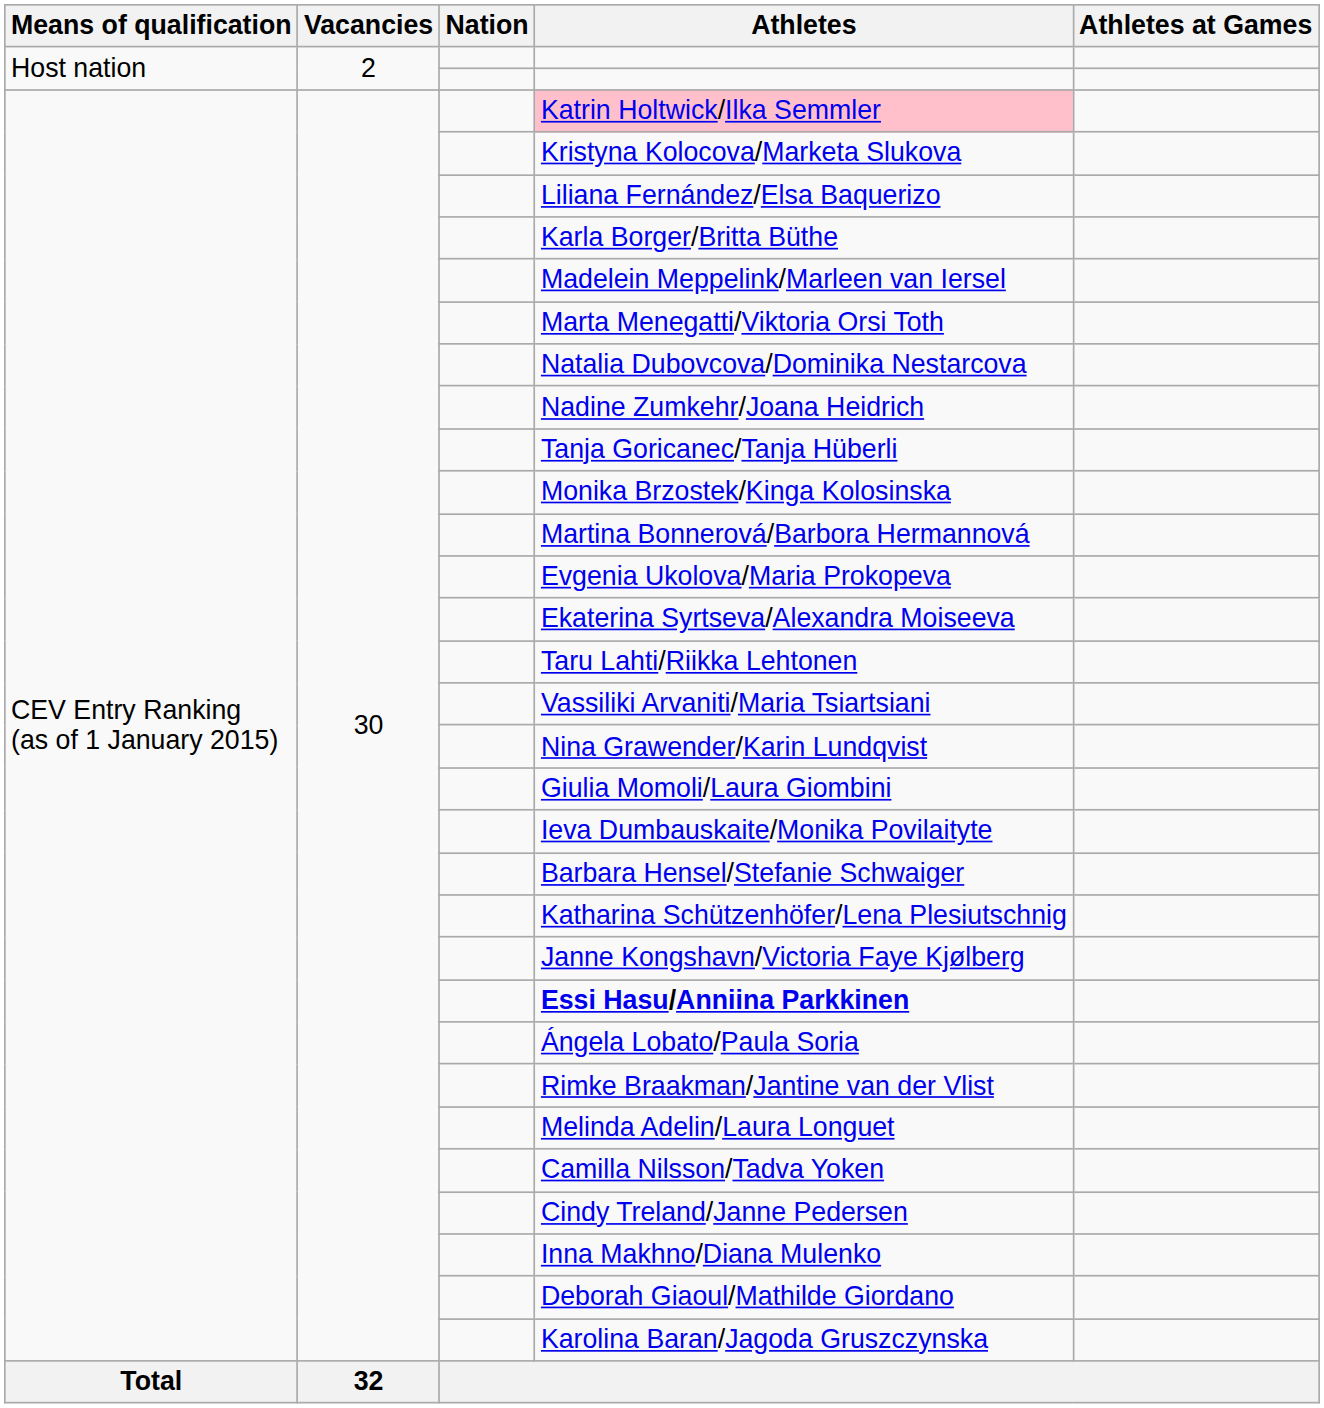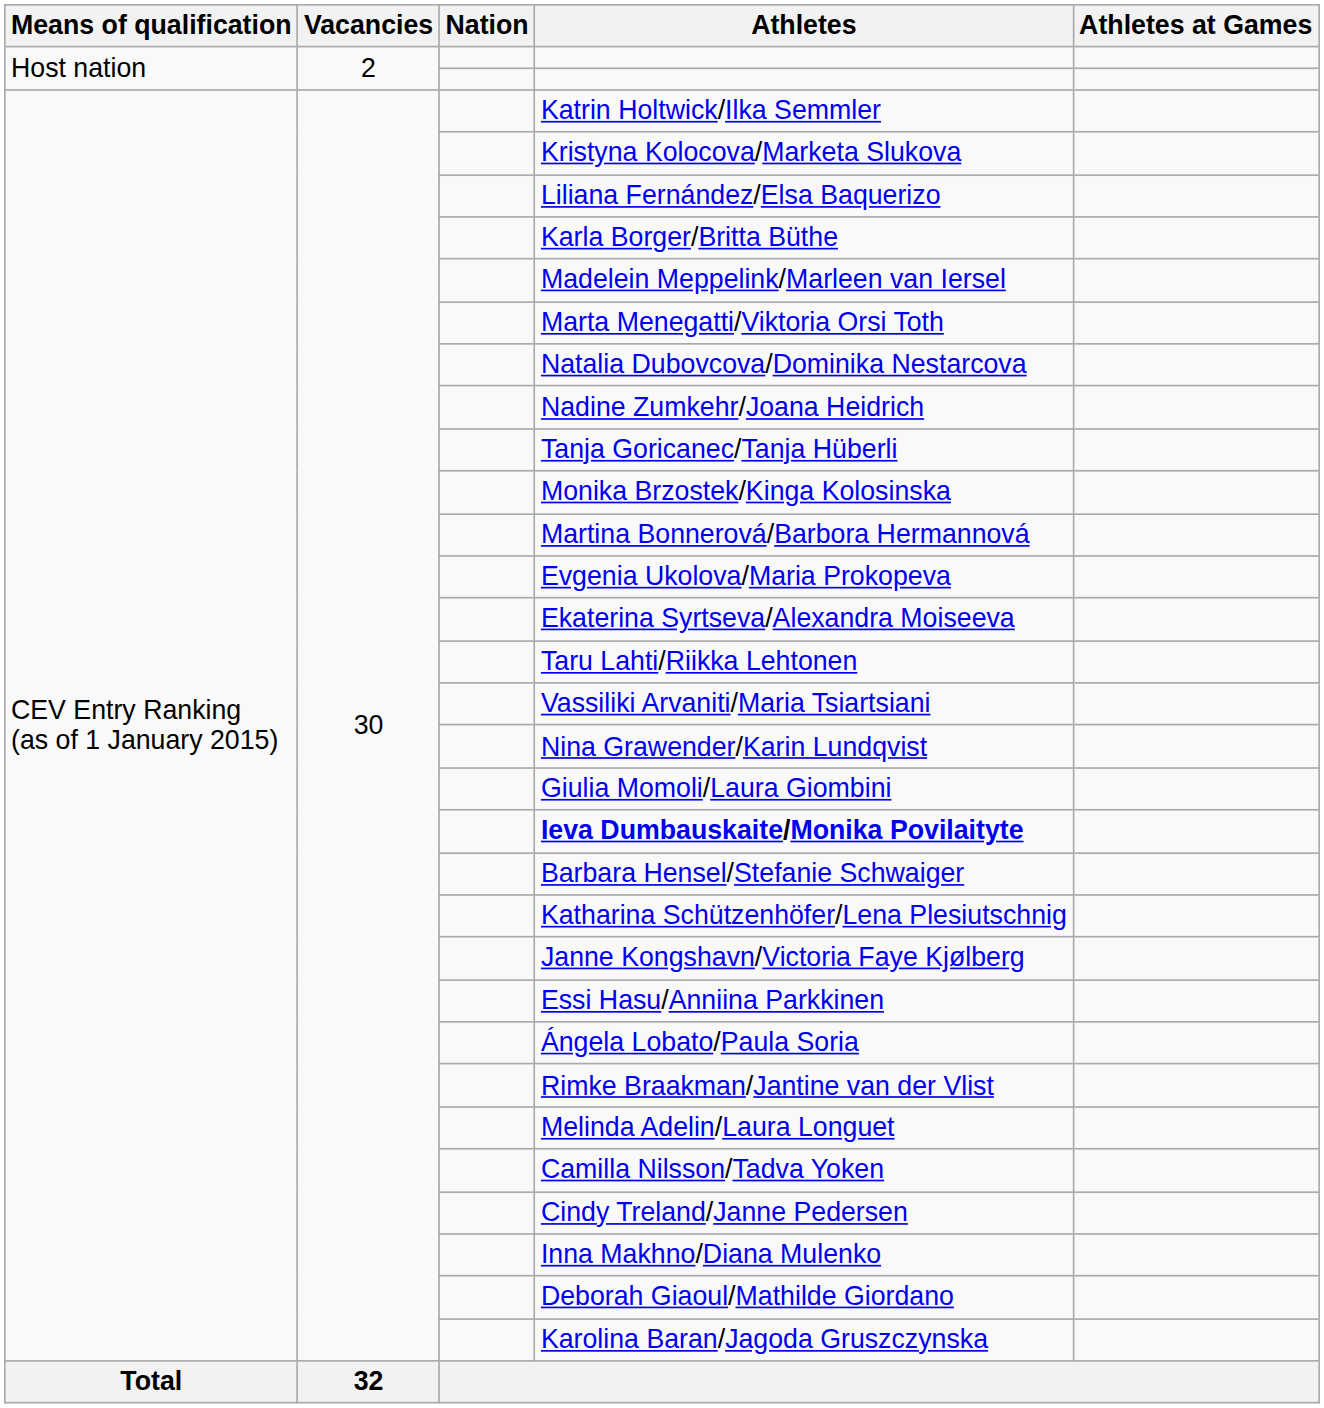 <table class="wikitable">
 <tr>
 <th>Means of qualification</th>
 <th>Vacancies</th>
 <th>Nation</th>
 <th>Athletes</th>
 <th>Athletes at Games</th>
 </tr>
 <tr>
 <td rowspan=2>Host nation</td>
 <td rowspan=2 align="center">2</td>
 <td></td>
 <td></td>
 <td></td>
 </tr>
 <tr>
 <td></td>
 <td></td>
 <td></td>
 </tr>
 <tr>
 <td rowspan=30>CEV Entry Ranking<br>(as of 1 January 2015)</td>
 <td rowspan=30 align="center">30</td>
 <td></td>
-<td style="background: pink;"><a href='#'>Katrin Holtwick</a>/<a href='#'>Ilka Semmler</a></td>
+<td><a href='#'>Katrin Holtwick</a>/<a href='#'>Ilka Semmler</a></td>
 <td></td>
 </tr>
 <tr>
 <td></td>
 <td><a href='#'>Kristyna Kolocova</a>/<a href='#'>Marketa Slukova</a></td>
 <td></td>
 </tr>
 <tr>
 <td></td>
 <td><a href='#'>Liliana Fernández</a>/<a href='#'>Elsa Baquerizo</a></td>
 <td></td>
 </tr>
 <tr>
 <td></td>
 <td><a href='#'>Karla Borger</a>/<a href='#'>Britta Büthe</a></td>
 <td></td>
 </tr>
 <tr>
 <td></td>
 <td><a href='#'>Madelein Meppelink</a>/<a href='#'>Marleen van Iersel</a></td>
 <td></td>
 </tr>
 <tr>
 <td></td>
 <td><a href='#'>Marta Menegatti</a>/<a href='#'>Viktoria Orsi Toth</a></td>
 <td></td>
 </tr>
 <tr>
 <td></td>
 <td><a href='#'>Natalia Dubovcova</a>/<a href='#'>Dominika Nestarcova</a></td>
 <td></td>
 </tr>
 <tr>
 <td></td>
 <td><a href='#'>Nadine Zumkehr</a>/<a href='#'>Joana Heidrich</a></td>
 <td></td>
 </tr>
 <tr>
 <td></td>
 <td><a href='#'>Tanja Goricanec</a>/<a href='#'>Tanja Hüberli</a></td>
 <td></td>
 </tr>
 <tr>
 <td></td>
 <td><a href='#'>Monika Brzostek</a>/<a href='#'>Kinga Kolosinska</a></td>
 <td></td>
 </tr>
 <tr>
 <td></td>
 <td><a href='#'>Martina Bonnerová</a>/<a href='#'>Barbora Hermannová</a></td>
 <td></td>
 </tr>
 <tr>
 <td></td>
 <td><a href='#'>Evgenia Ukolova</a>/<a href='#'>Maria Prokopeva</a></td>
 <td></td>
 </tr>
 <tr>
 <td></td>
 <td><a href='#'>Ekaterina Syrtseva</a>/<a href='#'>Alexandra Moiseeva</a></td>
 <td></td>
 </tr>
 <tr>
 <td></td>
 <td><a href='#'>Taru Lahti</a>/<a href='#'>Riikka Lehtonen</a></td>
 <td></td>
 </tr>
 <tr>
 <td></td>
 <td><a href='#'>Vassiliki Arvaniti</a>/<a href='#'>Maria Tsiartsiani</a></td>
 <td></td>
 </tr>
 <tr>
 <td></td>
 <td><a href='#'>Nina Grawender</a>/<a href='#'>Karin Lundqvist</a></td>
 <td></td>
 </tr>
 <tr>
 <td></td>
 <td><a href='#'>Giulia Momoli</a>/<a href='#'>Laura Giombini</a></td>
 <td></td>
 </tr>
 <tr>
 <td></td>
-<td><a href='#'>Ieva Dumbauskaite</a>/<a href='#'>Monika Povilaityte</a></td>
+<td><strong><a href='#'>Ieva Dumbauskaite</a>/<a href='#'>Monika Povilaityte</a></strong></td>
 <td></td>
 </tr>
 <tr>
 <td></td>
 <td><a href='#'>Barbara Hensel</a>/<a href='#'>Stefanie Schwaiger</a></td>
 <td></td>
 </tr>
 <tr>
 <td></td>
 <td><a href='#'>Katharina Schützenhöfer</a>/<a href='#'>Lena Plesiutschnig</a></td>
 <td></td>
 </tr>
 <tr>
 <td></td>
 <td><a href='#'>Janne Kongshavn</a>/<a href='#'>Victoria Faye Kjølberg</a></td>
 <td></td>
 </tr>
 <tr>
 <td></td>
-<td><strong><a href='#'>Essi Hasu</a>/<a href='#'>Anniina Parkkinen</a></strong></td>
+<td><a href='#'>Essi Hasu</a>/<a href='#'>Anniina Parkkinen</a></td>
 <td></td>
 </tr>
 <tr>
 <td></td>
 <td><a href='#'>Ángela Lobato</a>/<a href='#'>Paula Soria</a></td>
 <td></td>
 </tr>
 <tr>
 <td></td>
 <td><a href='#'>Rimke Braakman</a>/<a href='#'>Jantine van der Vlist</a></td>
 <td></td>
 </tr>
 <tr>
 <td></td>
 <td><a href='#'>Melinda Adelin</a>/<a href='#'>Laura Longuet</a></td>
 <td></td>
 </tr>
 <tr>
 <td></td>
 <td><a href='#'>Camilla Nilsson</a>/<a href='#'>Tadva Yoken</a></td>
 <td></td>
 </tr>
 <tr>
 <td></td>
 <td><a href='#'>Cindy Treland</a>/<a href='#'>Janne Pedersen</a></td>
 <td></td>
 </tr>
 <tr>
 <td></td>
 <td><a href='#'>Inna Makhno</a>/<a href='#'>Diana Mulenko</a></td>
 <td></td>
 </tr>
 <tr>
 <td></td>
 <td><a href='#'>Deborah Giaoul</a>/<a href='#'>Mathilde Giordano</a></td>
 <td></td>
 </tr>
 <tr>
 <td></td>
 <td><a href='#'>Karolina Baran</a>/<a href='#'>Jagoda Gruszczynska</a></td>
 <td></td>
 </tr>
 <tr>
 <th>Total</th>
 <th>32</th>
 <th colspan=3></th>
 </tr>
 </table>
